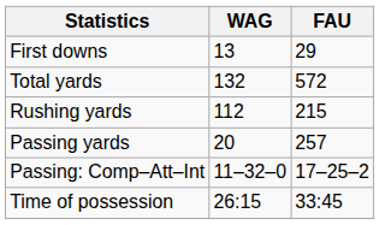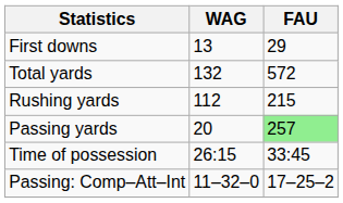 <table class="wikitable" style="float: left;">
 <tr>
 <th>Statistics</th>
 <th>WAG</th>
 <th>FAU</th>
 </tr>
 <tr>
 <td>First downs</td>
 <td>13</td>
 <td>29</td>
 </tr>
 <tr>
 <td>Total yards</td>
 <td>132</td>
 <td>572</td>
 </tr>
 <tr>
 <td>Rushing yards</td>
 <td>112</td>
 <td>215</td>
 </tr>
 <tr>
 <td>Passing yards</td>
 <td>20</td>
-<td>257</td>
+<td style="background: lightgreen;">257</td>
+</tr>
+<tr>
+<td>Time of possession</td>
+<td>26:15</td>
+<td>33:45</td>
 </tr>
 <tr>
 <td>Passing: Comp–Att–Int</td>
 <td>11–32–0</td>
 <td>17–25–2</td>
 </tr>
 <tr>
-<td>Time of possession</td>
-<td>26:15</td>
-<td>33:45</td>
-</tr>
-<tr>
 </tr>
 </table>
